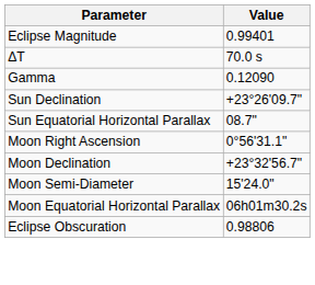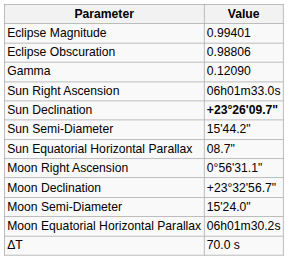 <table class="wikitable">
 <tr>
 <th>Parameter</th>
 <th>Value</th>
 </tr>
 <tr>
 <td>Eclipse Magnitude</td>
 <td>0.99401</td>
 </tr>
 <tr>
-<td>ΔT</td>
-<td>70.0 s</td>
+<td>Eclipse Obscuration</td>
+<td>0.98806</td>
 </tr>
 <tr>
 <td>Gamma</td>
 <td>0.12090</td>
 </tr>
 <tr>
+<td>Sun Right Ascension</td>
+<td>06h01m33.0s</td>
+</tr>
+<tr>
 <td>Sun Declination</td>
-<td>+23°26'09.7"</td>
+<td><strong>+23°26'09.7"</strong></td>
+</tr>
+<tr>
+<td>Sun Semi-Diameter</td>
+<td>15'44.2"</td>
 </tr>
 <tr>
 <td>Sun Equatorial Horizontal Parallax</td>
 <td>08.7"</td>
 </tr>
 <tr>
 <td>Moon Right Ascension</td>
 <td>0°56'31.1"</td>
 </tr>
 <tr>
 <td>Moon Declination</td>
 <td>+23°32'56.7"</td>
 </tr>
 <tr>
 <td>Moon Semi-Diameter</td>
 <td>15'24.0"</td>
 </tr>
 <tr>
 <td>Moon Equatorial Horizontal Parallax</td>
 <td>06h01m30.2s</td>
 </tr>
 <tr>
-<td>Eclipse Obscuration</td>
-<td>0.98806</td>
+<td>ΔT</td>
+<td>70.0 s</td>
 </tr>
 </table>
